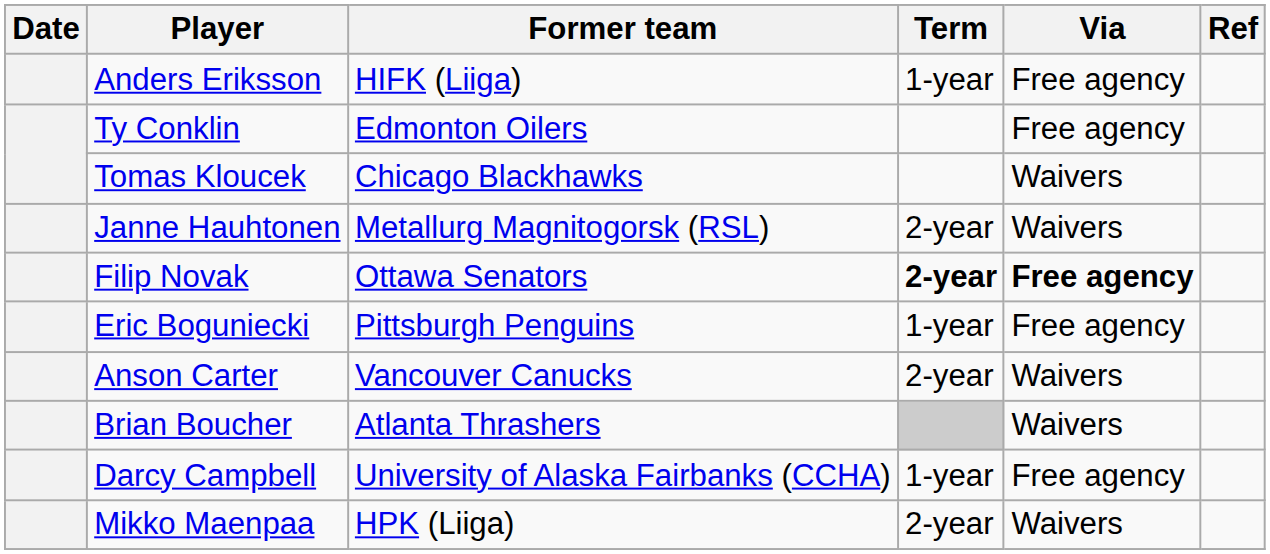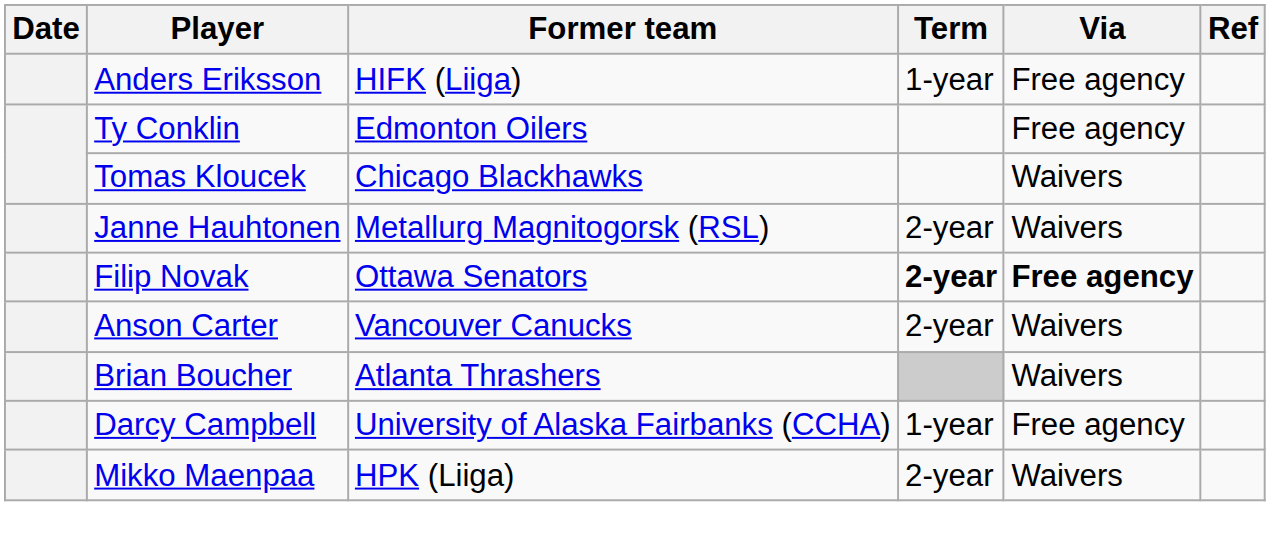 <table class="wikitable plainrowheaders">
 <tr style="background:#ddd; text-align:center;">
 <th>Date</th>
 <th>Player</th>
 <th>Former team</th>
 <th>Term</th>
 <th>Via</th>
 <th>Ref</th>
 </tr>
 <tr>
 <th scope="row"></th>
 <td><a href='#'>Anders Eriksson</a></td>
 <td><a href='#'>HIFK</a> (<a href='#'>Liiga</a>)</td>
 <td>1-year</td>
 <td>Free agency</td>
 <td></td>
 </tr>
 <tr>
 <th scope="row" rowspan=2></th>
 <td><a href='#'>Ty Conklin</a></td>
 <td><a href='#'>Edmonton Oilers</a></td>
 <td></td>
 <td>Free agency</td>
 <td></td>
 </tr>
 <tr>
 <td><a href='#'>Tomas Kloucek</a></td>
 <td><a href='#'>Chicago Blackhawks</a></td>
 <td></td>
 <td>Waivers</td>
 <td></td>
 </tr>
 <tr>
 <th scope="row"></th>
 <td><a href='#'>Janne Hauhtonen</a></td>
 <td><a href='#'>Metallurg Magnitogorsk</a> (<a href='#'>RSL</a>)</td>
 <td>2-year</td>
 <td>Waivers</td>
 <td></td>
 </tr>
 <tr>
 <th scope="row"></th>
 <td><a href='#'>Filip Novak</a></td>
 <td><a href='#'>Ottawa Senators</a></td>
 <td><strong>2-year</strong></td>
 <td><strong>Free agency</strong></td>
 <td></td>
 </tr>
 <tr>
 <th scope="row"></th>
-<td><a href='#'>Eric Boguniecki</a></td>
-<td><a href='#'>Pittsburgh Penguins</a></td>
-<td>1-year</td>
-<td>Free agency</td>
-<td></td>
-</tr>
-<tr>
-<th scope="row"></th>
 <td><a href='#'>Anson Carter</a></td>
 <td><a href='#'>Vancouver Canucks</a></td>
 <td>2-year</td>
 <td>Waivers</td>
 <td></td>
 </tr>
 <tr>
 <th scope="row"></th>
 <td><a href='#'>Brian Boucher</a></td>
 <td><a href='#'>Atlanta Thrashers</a></td>
 <td style="background:#ccc"></td>
 <td>Waivers</td>
 <td></td>
 </tr>
 <tr>
 <th scope="row"></th>
 <td><a href='#'>Darcy Campbell</a></td>
 <td><a href='#'>University of Alaska Fairbanks</a> (<a href='#'>CCHA</a>)</td>
 <td>1-year</td>
 <td>Free agency</td>
 <td></td>
 </tr>
 <tr>
 <th scope="row"></th>
 <td><a href='#'>Mikko Maenpaa</a></td>
 <td><a href='#'>HPK</a> (Liiga)</td>
 <td>2-year</td>
 <td>Waivers</td>
 <td></td>
 </tr>
 </table>
